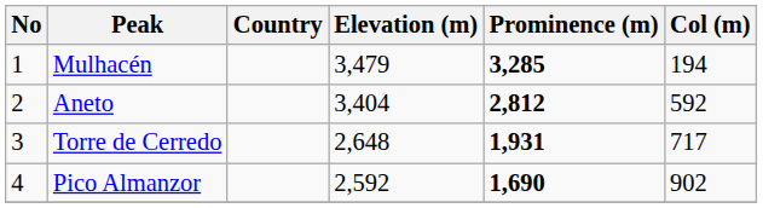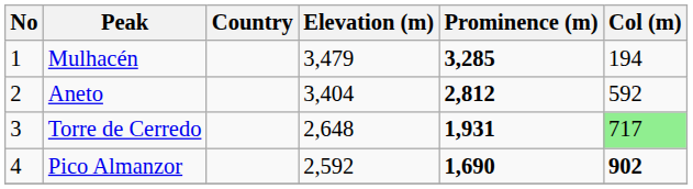 <table class="wikitable sortable">
 <tr>
 <th>No</th>
 <th>Peak</th>
 <th>Country</th>
 <th>Elevation (m)</th>
 <th>Prominence (m)</th>
 <th>Col (m)</th>
 </tr>
 <tr>
 <td>1</td>
 <td><a href='#'>Mulhacén</a></td>
 <td></td>
 <td>3,479</td>
 <td><strong>3,285</strong></td>
 <td>194</td>
 </tr>
 <tr>
 <td>2</td>
 <td><a href='#'>Aneto</a></td>
 <td></td>
 <td>3,404</td>
 <td><strong>2,812</strong></td>
 <td>592</td>
 </tr>
 <tr>
 <td>3</td>
 <td><a href='#'>Torre de Cerredo</a></td>
 <td></td>
 <td>2,648</td>
 <td><strong>1,931</strong></td>
-<td>717</td>
+<td style="background: lightgreen;">717</td>
 </tr>
 <tr>
 <td>4</td>
 <td><a href='#'>Pico Almanzor</a></td>
 <td></td>
 <td>2,592</td>
 <td><strong>1,690</strong></td>
-<td>902</td>
+<td><strong>902</strong></td>
 </tr>
 <tr>
 </tr>
 </table>
